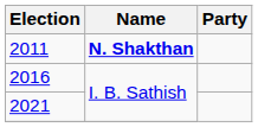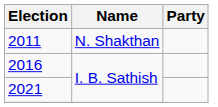 <table class="wikitable sortable">
 <tr>
 <th>Election</th>
 <th>Name</th>
 <th colspan=2>Party</th>
 </tr>
 <tr>
 <td><a href='#'>2011</a></td>
-<td><strong><a href='#'>N. Shakthan</a></strong></td>
+<td><a href='#'>N. Shakthan</a></td>
 <td></td>
 </tr>
 <tr>
 <td><a href='#'>2016</a></td>
 <td rowspan="2"><a href='#'>I. B. Sathish</a></td>
 <td></td>
 </tr>
 <tr>
 <td><a href='#'>2021</a></td>
 </tr>
 <tr>
 </tr>
 </table>
